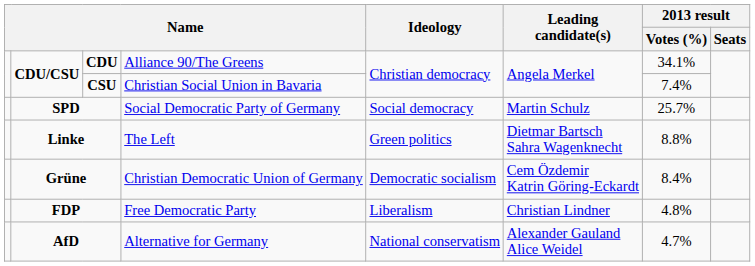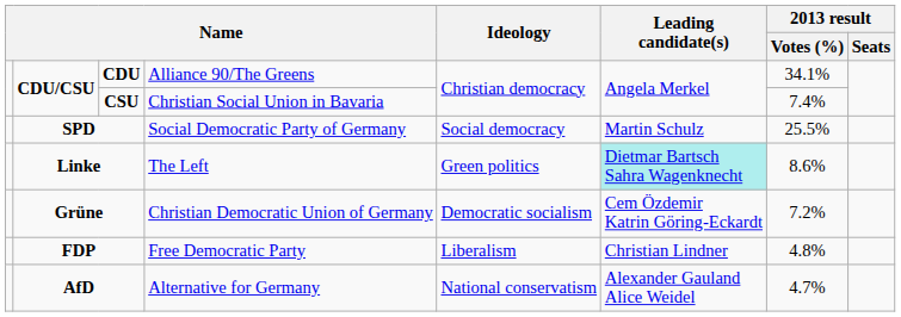 <table class="wikitable">
 <tr>
 <th rowspan="2" colspan="4">Name</th>
 <th rowspan="2">Ideology</th>
 <th rowspan="2">Leading<br>candidate(s)</th>
 <th colspan="2">2013 result</th>
 </tr>
 <tr>
 <th>Votes (%)</th>
 <th>Seats</th>
 </tr>
 <tr>
 <td rowspan="2" style="background:"></td>
 <td rowspan="2" style="text-align:center;"><strong>CDU/CSU</strong></td>
 <td style="text-align:center;"><strong>CDU</strong></td>
 <td><a href='#'>Alliance 90/The Greens</a><br></td>
 <td rowspan="2"><a href='#'>Christian democracy</a></td>
 <td rowspan="2"><a href='#'>Angela Merkel</a></td>
 <td style="text-align:center;">34.1%</td>
 <td rowspan="2"></td>
 </tr>
 <tr>
 <td style="text-align:center;"><strong>CSU</strong></td>
 <td><a href='#'>Christian Social Union in Bavaria</a><br></td>
 <td style="text-align:center;">7.4%</td>
 </tr>
 <tr>
 <td style="background:"></td>
 <td colspan="2" style="text-align:center;"><strong>SPD</strong></td>
 <td><a href='#'>Social Democratic Party of Germany</a><br></td>
 <td><a href='#'>Social democracy</a></td>
 <td><a href='#'>Martin Schulz</a></td>
-<td style="text-align:center;">25.7%</td>
+<td style="text-align:center;">25.5%</td>
 <td></td>
 </tr>
 <tr>
 <td style="background:"></td>
 <td colspan="2" style="text-align:center;"><strong>Linke</strong></td>
 <td><a href='#'>The Left</a><br></td>
 <td><a href='#'>Green politics</a></td>
-<td><a href='#'>Dietmar Bartsch</a><br><a href='#'>Sahra Wagenknecht</a></td>
-<td style="text-align:center;">8.8%</td>
+<td style="background: paleturquoise;"><a href='#'>Dietmar Bartsch</a><br><a href='#'>Sahra Wagenknecht</a></td>
+<td style="text-align:center;">8.6%</td>
 <td></td>
 </tr>
 <tr>
 <td style="background:"></td>
 <td colspan="2" style="text-align:center;"><strong>Grüne</strong></td>
 <td><a href='#'>Christian Democratic Union of Germany</a><br></td>
 <td><a href='#'>Democratic socialism</a></td>
 <td><a href='#'>Cem Özdemir</a><br><a href='#'>Katrin Göring-Eckardt</a></td>
-<td style="text-align:center;">8.4%</td>
+<td style="text-align:center;">7.2%</td>
 <td></td>
 </tr>
 <tr>
 <td style="background:"></td>
 <td colspan="2" style="text-align:center;"><strong>FDP</strong></td>
 <td><a href='#'>Free Democratic Party</a><br></td>
 <td><a href='#'>Liberalism</a></td>
 <td><a href='#'>Christian Lindner</a></td>
 <td style="text-align:center;">4.8%</td>
 <td></td>
 </tr>
 <tr>
 <td style="background:"></td>
 <td colspan="2" style="text-align:center;"><strong>AfD</strong></td>
 <td><a href='#'>Alternative for Germany</a><br></td>
 <td><a href='#'>National conservatism</a></td>
 <td><a href='#'>Alexander Gauland</a><br><a href='#'>Alice Weidel</a></td>
 <td style="text-align:center;">4.7%</td>
 <td></td>
 </tr>
 </table>
